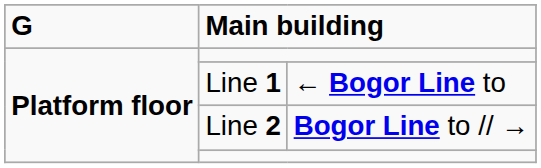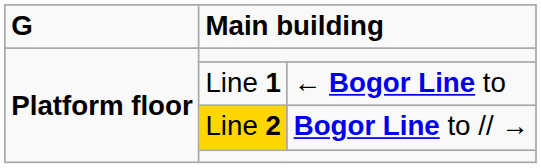 <table class="wikitable">
 <tr>
 <td><strong>G</strong></td>
 <td colspan="2"><strong>Main building</strong></td>
 </tr>
 <tr>
 <td rowspan="4"><strong>Platform floor</strong></td>
 <td colspan="2"></td>
 </tr>
 <tr>
 <td>Line <strong>1</strong></td>
 <td>←   <strong><a href='#'>Bogor Line</a></strong> to </td>
 </tr>
 <tr>
-<td>Line <strong>2</strong></td>
+<td style="background: gold;">Line <strong>2</strong></td>
 <td> <strong><a href='#'>Bogor Line</a></strong> to //  →</td>
 </tr>
 <tr>
 <td colspan="2"></td>
 </tr>
 </table>
